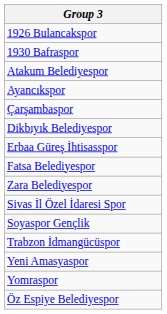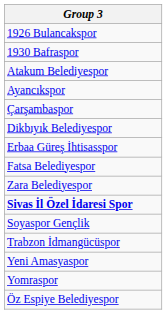 <table class="wikitable collapsible collapsed" style="font-size:95%;">
 <tr>
 <th colspan="1" width="200"><em>Group 3</em></th>
 </tr>
 <tr>
 <td><a href='#'>1926 Bulancakspor</a></td>
 </tr>
 <tr>
 <td><a href='#'>1930 Bafraspor</a></td>
 </tr>
 <tr>
 <td><a href='#'>Atakum Belediyespor</a></td>
 </tr>
 <tr>
 <td><a href='#'>Ayancıkspor</a></td>
 </tr>
 <tr>
 <td><a href='#'>Çarşambaspor</a></td>
 </tr>
 <tr>
 <td><a href='#'>Dikbıyık Belediyespor</a></td>
 </tr>
 <tr>
 <td><a href='#'>Erbaa Güreş İhtisasspor</a></td>
 </tr>
 <tr>
 <td><a href='#'>Fatsa Belediyespor</a></td>
 </tr>
 <tr>
 <td><a href='#'>Zara Belediyespor</a></td>
 </tr>
 <tr>
-<td><a href='#'>Sivas İl Özel İdaresi Spor</a></td>
+<td><strong><a href='#'>Sivas İl Özel İdaresi Spor</a></strong></td>
 </tr>
 <tr>
 <td><a href='#'>Soyaspor Gençlik</a></td>
 </tr>
 <tr>
 <td><a href='#'>Trabzon İdmangücüspor</a></td>
 </tr>
 <tr>
 <td><a href='#'>Yeni Amasyaspor</a></td>
 </tr>
 <tr>
 <td><a href='#'>Yomraspor</a></td>
 </tr>
 <tr>
 <td><a href='#'>Öz Espiye Belediyespor</a></td>
 </tr>
 </table>
